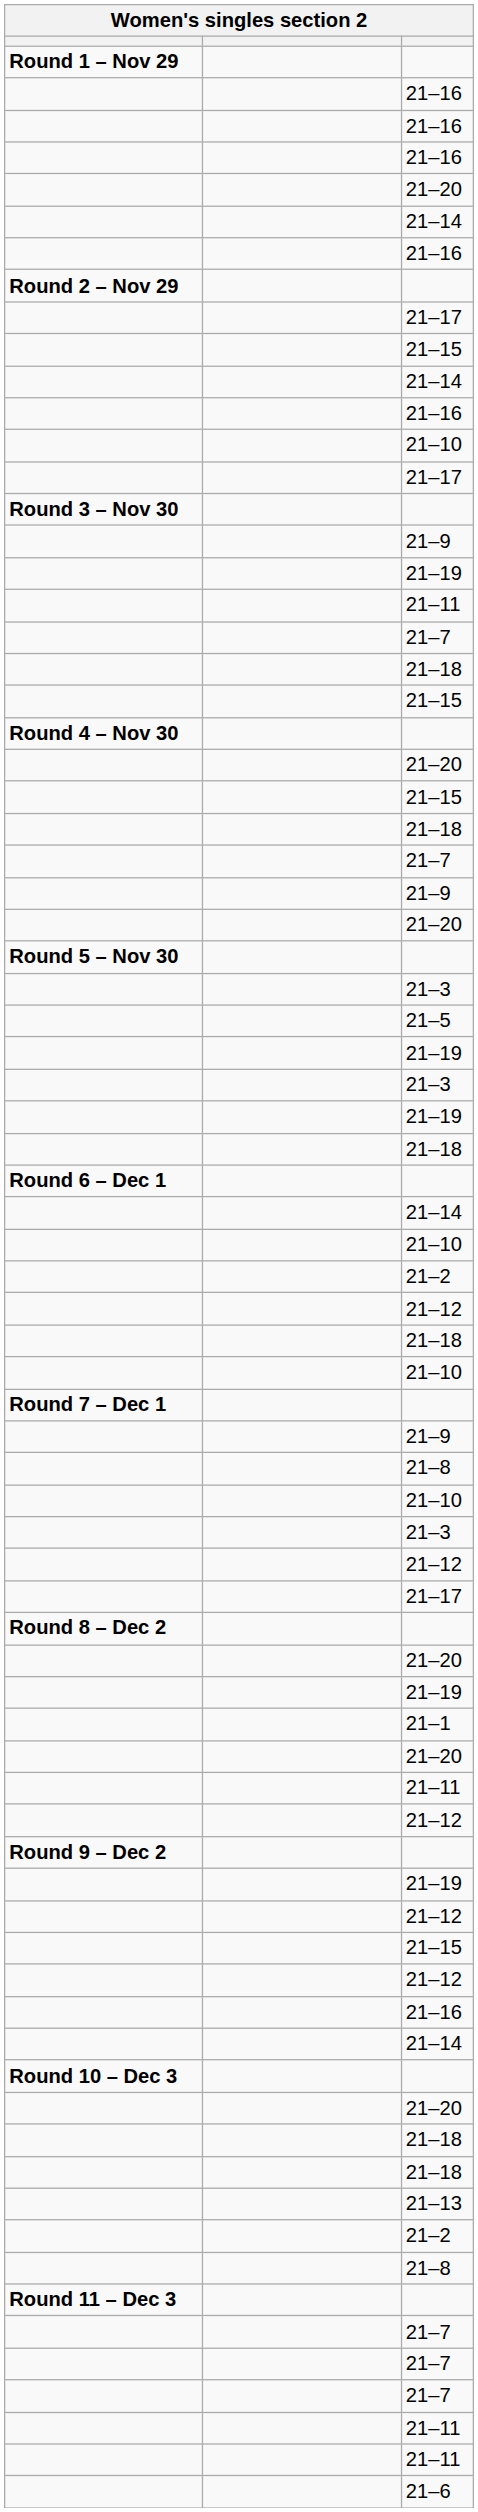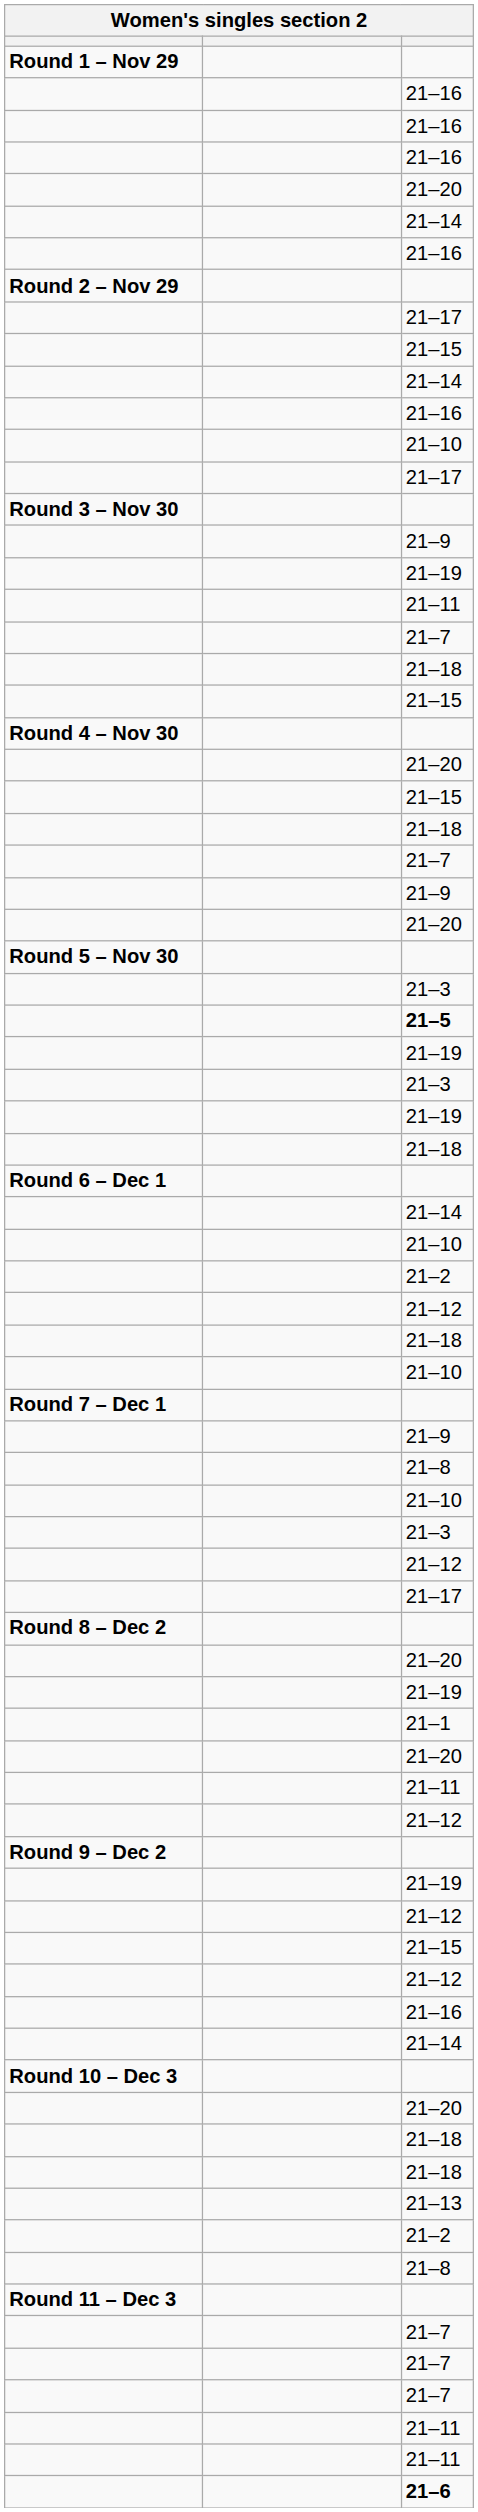 <table class="wikitable">
 <tr>
 <th colspan="3">Women's singles section 2</th>
 </tr>
 <tr>
 <th width=150></th>
 <th width=150></th>
 <th width=50></th>
 </tr>
 <tr>
 <td><strong>Round 1 – Nov 29</strong></td>
 <td></td>
 <td></td>
 </tr>
 <tr>
 <td></td>
 <td></td>
 <td>21–16</td>
 </tr>
 <tr>
 <td></td>
 <td></td>
 <td>21–16</td>
 </tr>
 <tr>
 <td></td>
 <td></td>
 <td>21–16</td>
 </tr>
 <tr>
 <td></td>
 <td></td>
 <td>21–20</td>
 </tr>
 <tr>
 <td></td>
 <td></td>
 <td>21–14</td>
 </tr>
 <tr>
 <td></td>
 <td></td>
 <td>21–16</td>
 </tr>
 <tr>
 <td><strong>Round 2 – Nov 29</strong></td>
 <td></td>
 <td></td>
 </tr>
 <tr>
 <td></td>
 <td></td>
 <td>21–17</td>
 </tr>
 <tr>
 <td></td>
 <td></td>
 <td>21–15</td>
 </tr>
 <tr>
 <td></td>
 <td></td>
 <td>21–14</td>
 </tr>
 <tr>
 <td></td>
 <td></td>
 <td>21–16</td>
 </tr>
 <tr>
 <td></td>
 <td></td>
 <td>21–10</td>
 </tr>
 <tr>
 <td></td>
 <td></td>
 <td>21–17</td>
 </tr>
 <tr>
 <td><strong>Round 3 – Nov 30</strong></td>
 <td></td>
 <td></td>
 </tr>
 <tr>
 <td></td>
 <td></td>
 <td>21–9</td>
 </tr>
 <tr>
 <td></td>
 <td></td>
 <td>21–19</td>
 </tr>
 <tr>
 <td></td>
 <td></td>
 <td>21–11</td>
 </tr>
 <tr>
 <td></td>
 <td></td>
 <td>21–7</td>
 </tr>
 <tr>
 <td></td>
 <td></td>
 <td>21–18</td>
 </tr>
 <tr>
 <td></td>
 <td></td>
 <td>21–15</td>
 </tr>
 <tr>
 <td><strong>Round 4 – Nov 30</strong></td>
 <td></td>
 <td></td>
 </tr>
 <tr>
 <td></td>
 <td></td>
 <td>21–20</td>
 </tr>
 <tr>
 <td></td>
 <td></td>
 <td>21–15</td>
 </tr>
 <tr>
 <td></td>
 <td></td>
 <td>21–18</td>
 </tr>
 <tr>
 <td></td>
 <td></td>
 <td>21–7</td>
 </tr>
 <tr>
 <td></td>
 <td></td>
 <td>21–9</td>
 </tr>
 <tr>
 <td></td>
 <td></td>
 <td>21–20</td>
 </tr>
 <tr>
 <td><strong>Round 5 – Nov 30</strong></td>
 <td></td>
 <td></td>
 </tr>
 <tr>
 <td></td>
 <td></td>
 <td>21–3</td>
 </tr>
 <tr>
 <td></td>
 <td></td>
-<td>21–5</td>
+<td><strong>21–5</strong></td>
 </tr>
 <tr>
 <td></td>
 <td></td>
 <td>21–19</td>
 </tr>
 <tr>
 <td></td>
 <td></td>
 <td>21–3</td>
 </tr>
 <tr>
 <td></td>
 <td></td>
 <td>21–19</td>
 </tr>
 <tr>
 <td></td>
 <td></td>
 <td>21–18</td>
 </tr>
 <tr>
 <td><strong>Round 6  – Dec 1</strong></td>
 <td></td>
 <td></td>
 </tr>
 <tr>
 <td></td>
 <td></td>
 <td>21–14</td>
 </tr>
 <tr>
 <td></td>
 <td></td>
 <td>21–10</td>
 </tr>
 <tr>
 <td></td>
 <td></td>
 <td>21–2</td>
 </tr>
 <tr>
 <td></td>
 <td></td>
 <td>21–12</td>
 </tr>
 <tr>
 <td></td>
 <td></td>
 <td>21–18</td>
 </tr>
 <tr>
 <td></td>
 <td></td>
 <td>21–10</td>
 </tr>
 <tr>
 <td><strong>Round 7 – Dec 1</strong></td>
 <td></td>
 <td></td>
 </tr>
 <tr>
 <td></td>
 <td></td>
 <td>21–9</td>
 </tr>
 <tr>
 <td></td>
 <td></td>
 <td>21–8</td>
 </tr>
 <tr>
 <td></td>
 <td></td>
 <td>21–10</td>
 </tr>
 <tr>
 <td></td>
 <td></td>
 <td>21–3</td>
 </tr>
 <tr>
 <td></td>
 <td></td>
 <td>21–12</td>
 </tr>
 <tr>
 <td></td>
 <td></td>
 <td>21–17</td>
 </tr>
 <tr>
 <td><strong>Round 8 – Dec 2</strong></td>
 <td></td>
 <td></td>
 </tr>
 <tr>
 <td></td>
 <td></td>
 <td>21–20</td>
 </tr>
 <tr>
 <td></td>
 <td></td>
 <td>21–19</td>
 </tr>
 <tr>
 <td></td>
 <td></td>
 <td>21–1</td>
 </tr>
 <tr>
 <td></td>
 <td></td>
 <td>21–20</td>
 </tr>
 <tr>
 <td></td>
 <td></td>
 <td>21–11</td>
 </tr>
 <tr>
 <td></td>
 <td></td>
 <td>21–12</td>
 </tr>
 <tr>
 <td><strong>Round 9 – Dec 2</strong></td>
 <td></td>
 <td></td>
 </tr>
 <tr>
 <td></td>
 <td></td>
 <td>21–19</td>
 </tr>
 <tr>
 <td></td>
 <td></td>
 <td>21–12</td>
 </tr>
 <tr>
 <td></td>
 <td></td>
 <td>21–15</td>
 </tr>
 <tr>
 <td></td>
 <td></td>
 <td>21–12</td>
 </tr>
 <tr>
 <td></td>
 <td></td>
 <td>21–16</td>
 </tr>
 <tr>
 <td></td>
 <td></td>
 <td>21–14</td>
 </tr>
 <tr>
 <td><strong>Round 10 – Dec 3</strong></td>
 <td></td>
 <td></td>
 </tr>
 <tr>
 <td></td>
 <td></td>
 <td>21–20</td>
 </tr>
 <tr>
 <td></td>
 <td></td>
 <td>21–18</td>
 </tr>
 <tr>
 <td></td>
 <td></td>
 <td>21–18</td>
 </tr>
 <tr>
 <td></td>
 <td></td>
 <td>21–13</td>
 </tr>
 <tr>
 <td></td>
 <td></td>
 <td>21–2</td>
 </tr>
 <tr>
 <td></td>
 <td></td>
 <td>21–8</td>
 </tr>
 <tr>
 <td><strong>Round 11 – Dec 3</strong></td>
 <td></td>
 <td></td>
 </tr>
 <tr>
 <td></td>
 <td></td>
 <td>21–7</td>
 </tr>
 <tr>
 <td></td>
 <td></td>
 <td>21–7</td>
 </tr>
 <tr>
 <td></td>
 <td></td>
 <td>21–7</td>
 </tr>
 <tr>
 <td></td>
 <td></td>
 <td>21–11</td>
 </tr>
 <tr>
 <td></td>
 <td></td>
 <td>21–11</td>
 </tr>
 <tr>
 <td></td>
 <td></td>
-<td>21–6</td>
+<td><strong>21–6</strong></td>
 </tr>
 <tr>
 </tr>
 </table>
